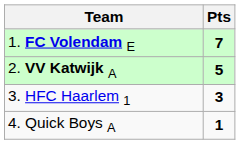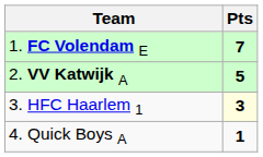 <table class="wikitable" style="text-align:center; float:left; margin-right:1em">
 <tr>
 <th style="width:200px">Team</th>
 <th width=20>Pts</th>
 </tr>
 <tr bgcolor=ccffcc>
 <td align=left>1. <strong><a href='#'>FC Volendam</a></strong> <sub>E</sub></td>
 <td><strong>7</strong></td>
 </tr>
 <tr bgcolor=ccffcc>
 <td align=left>2. <strong>VV Katwijk</strong> <sub>A</sub></td>
 <td><strong>5</strong></td>
 </tr>
 <tr>
 <td align=left>3. <a href='#'>HFC Haarlem</a> <sub>1</sub></td>
-<td><strong>3</strong></td>
+<td style="background: lightyellow;"><strong>3</strong></td>
 </tr>
 <tr>
 <td align=left>4. Quick Boys <sub>A</sub></td>
 <td><strong>1</strong></td>
 </tr>
 </table>
